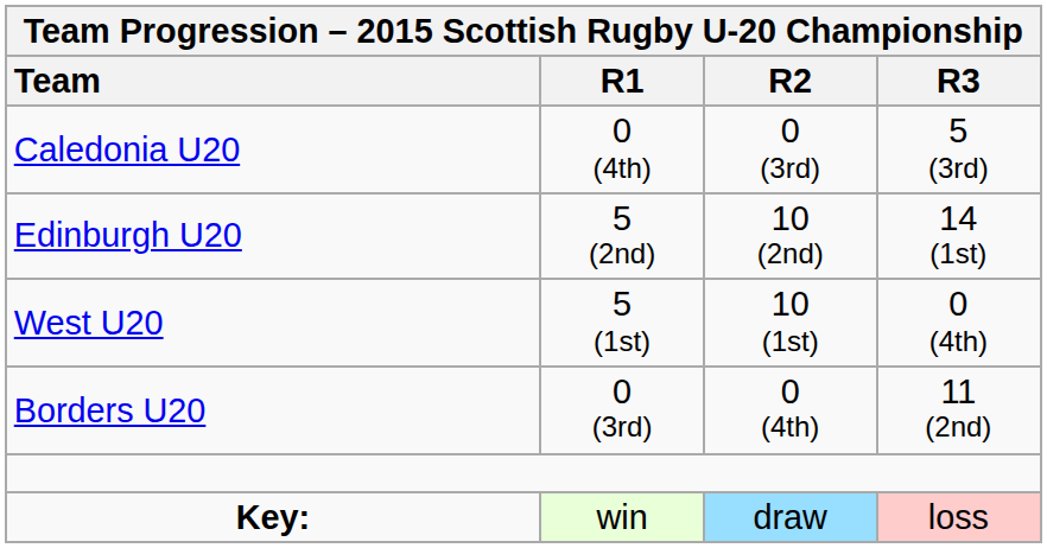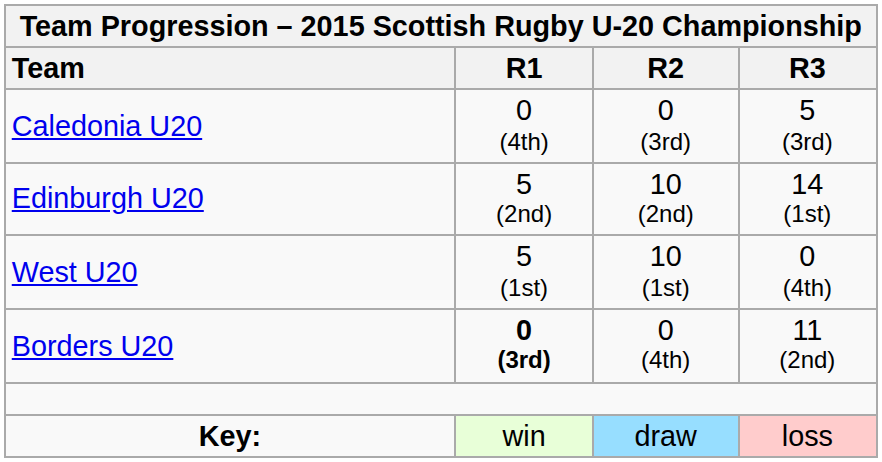 <table class="wikitable collapsible" style="text-align:center; line-height:100%; width:70%; font-size:90%">
 <tr>
 <th colspan=100%>Team Progression – 2015 Scottish Rugby U-20 Championship</th>
 </tr>
 <tr>
 <th style="text-align:left; width:20%;">Team</th>
 <th style="width:5%;">R1</th>
 <th style="width:5%;">R2</th>
 <th style="width:5%;">R3</th>
 </tr>
 <tr>
 <td align=left><a href='#'>Caledonia U20</a></td>
 <td>0 <br><small>(4th)</small></td>
 <td>0 <br><small>(3rd)</small></td>
 <td>5 <br><small>(3rd)</small></td>
 </tr>
 <tr>
 <td align=left><a href='#'>Edinburgh U20</a></td>
 <td>5 <br><small>(2nd)</small></td>
 <td>10 <br><small>(2nd)</small></td>
 <td>14 <br><small>(1st)</small></td>
 </tr>
 <tr>
 <td align=left><a href='#'>West U20</a></td>
 <td>5 <br><small>(1st)</small></td>
 <td>10 <br><small>(1st)</small></td>
 <td>0 <br><small>(4th)</small></td>
 </tr>
 <tr>
 <td align=left><a href='#'>Borders U20</a></td>
-<td>0 <br><small>(3rd)</small></td>
+<td><strong>0 <br><small>(3rd)</small></strong></td>
 <td>0 <br><small>(4th)</small></td>
 <td>11 <br><small>(2nd)</small></td>
 </tr>
 <tr>
 <td colspan=100% style="height:10px"></td>
 </tr>
 <tr>
 <td><strong>Key:</strong></td>
 <td style="background:#E8FFD8;">win</td>
 <td style="background:#97DEFF;">draw</td>
 <td style="background:#FFCCCC;">loss</td>
 </tr>
 </table>
